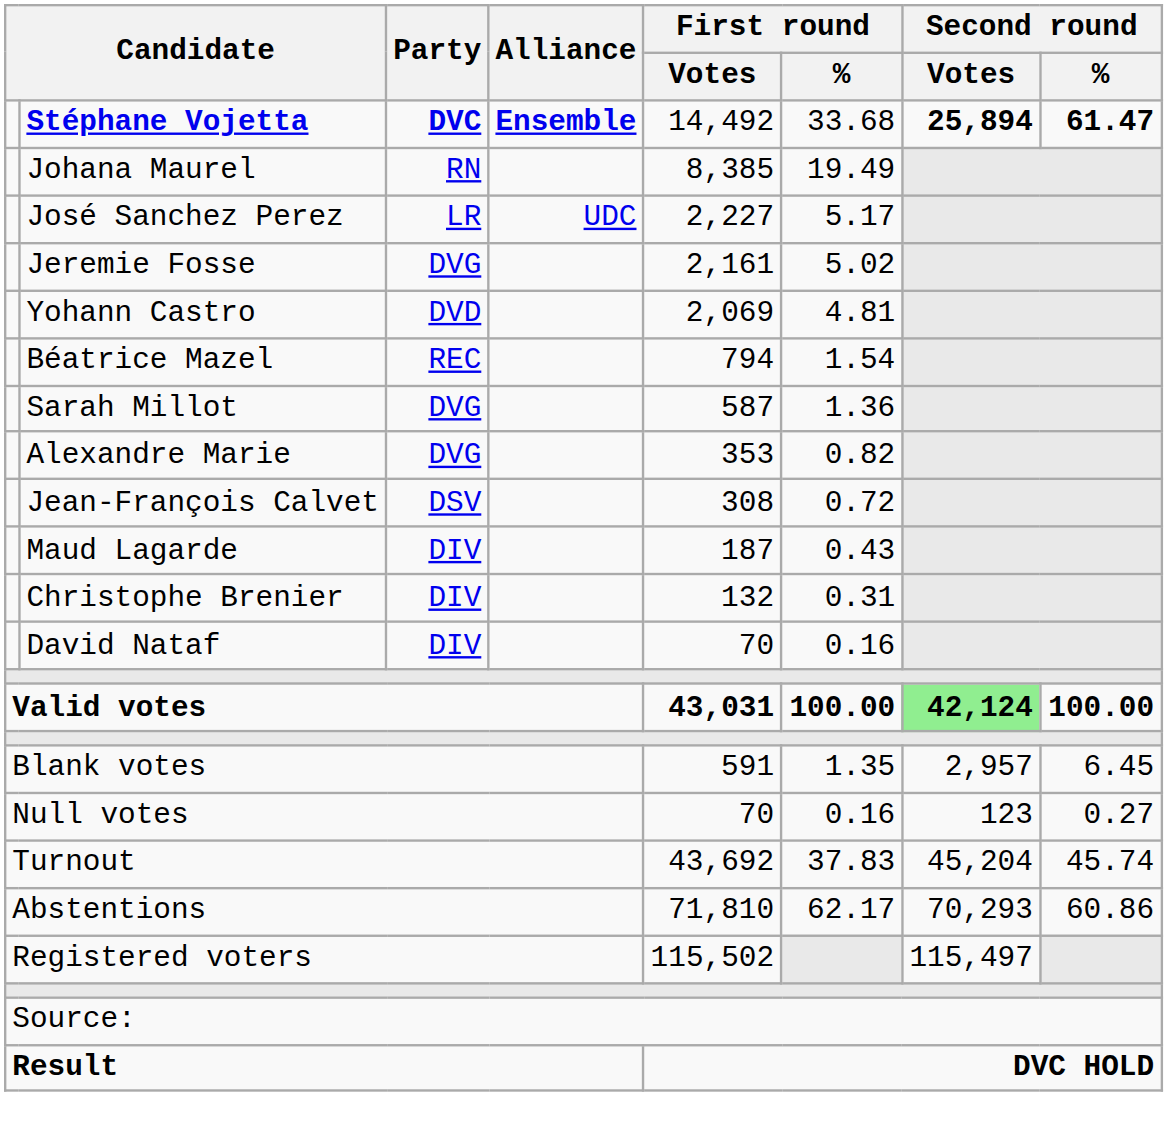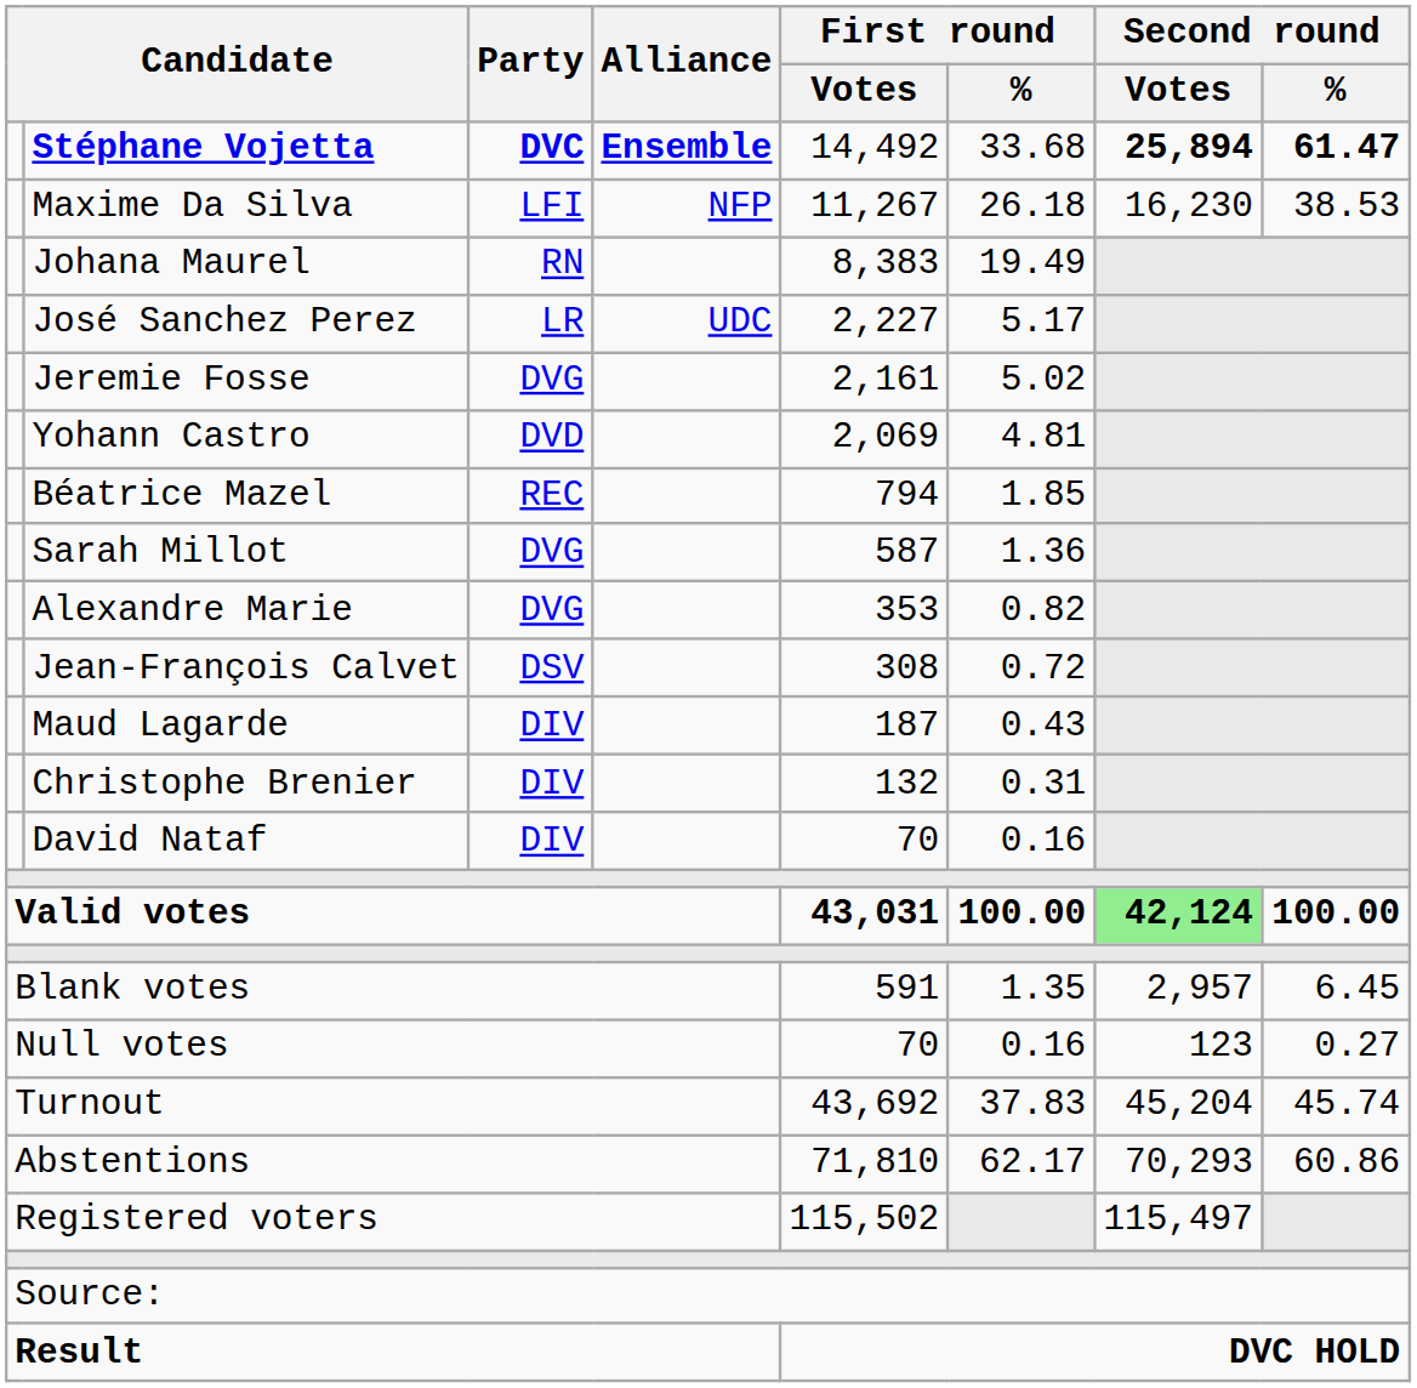 <table class="wikitable" style="text-align:right;font-size:95%;">
 <tr>
 <th colspan="2" rowspan="2">Candidate</th>
 <th colspan="1" rowspan="2">Party</th>
 <th colspan="1" rowspan="2">Alliance</th>
 <th colspan="2">First round</th>
 <th colspan="2">Second round</th>
 </tr>
 <tr>
 <th style="width:50px;">Votes</th>
 <th style="width:45px;">%</th>
 <th style="width:50px;">Votes</th>
 <th style="width:45px;">%</th>
 </tr>
 <tr>
 <td style="color:inherit;background:"></td>
 <td style="text-align:left;"><strong><a href='#'>Stéphane Vojetta</a></strong></td>
 <td><a href='#'><strong>DVC</strong></a></td>
 <td><a href='#'><strong>Ensemble</strong></a></td>
 <td>14,492</td>
 <td>33.68</td>
 <td><strong>25,894</strong></td>
 <td><strong>61.47</strong></td>
 </tr>
 <tr>
 <td style="color:inherit;background:"></td>
+<td style="text-align:left;">Maxime Da Silva</td>
+<td><a href='#'>LFI</a></td>
+<td><a href='#'>NFP</a></td>
+<td>11,267</td>
+<td>26.18</td>
+<td>16,230</td>
+<td>38.53</td>
+</tr>
+<tr>
+<td style="color:inherit;background:"></td>
 <td style="text-align:left;">Johana Maurel</td>
 <td><a href='#'>RN</a></td>
 <td></td>
-<td>8,385</td>
+<td>8,383</td>
 <td>19.49</td>
 <td colspan="2" rowspan="1" style="background:#E9E9E9;"></td>
 </tr>
 <tr>
 <td style="color:inherit;background:"></td>
 <td style="text-align:left;">José Sanchez Perez</td>
 <td><a href='#'>LR</a></td>
 <td><a href='#'>UDC</a></td>
 <td>2,227</td>
 <td>5.17</td>
 <td colspan="2" rowspan="1" style="background:#E9E9E9;"></td>
 </tr>
 <tr>
 <td style="color:inherit;background:"></td>
 <td style="text-align:left;">Jeremie Fosse</td>
 <td><a href='#'>DVG</a></td>
 <td></td>
 <td>2,161</td>
 <td>5.02</td>
 <td colspan="2" rowspan="1" style="background:#E9E9E9;"></td>
 </tr>
 <tr>
 <td style="color:inherit;background:"></td>
 <td style="text-align:left;">Yohann Castro</td>
 <td><a href='#'>DVD</a></td>
 <td></td>
 <td>2,069</td>
 <td>4.81</td>
 <td colspan="2" rowspan="1" style="background:#E9E9E9;"></td>
 </tr>
 <tr>
 <td style="color:inherit;background:"></td>
 <td style="text-align:left;">Béatrice Mazel</td>
 <td><a href='#'>REC</a></td>
 <td></td>
 <td>794</td>
-<td>1.54</td>
+<td>1.85</td>
 <td colspan="2" rowspan="1" style="background:#E9E9E9;"></td>
 </tr>
 <tr>
 <td style="color:inherit;background:"></td>
 <td style="text-align:left;">Sarah Millot</td>
 <td><a href='#'>DVG</a></td>
 <td></td>
 <td>587</td>
 <td>1.36</td>
 <td colspan="2" rowspan="1" style="background:#E9E9E9;"></td>
 </tr>
 <tr>
 <td style="color:inherit;background:"></td>
 <td style="text-align:left;">Alexandre Marie</td>
 <td><a href='#'>DVG</a></td>
 <td></td>
 <td>353</td>
 <td>0.82</td>
 <td colspan="2" rowspan="1" style="background:#E9E9E9;"></td>
 </tr>
 <tr>
 <td style="color:inherit;background:"></td>
 <td style="text-align:left;">Jean-François Calvet</td>
 <td><a href='#'>DSV</a></td>
 <td></td>
 <td>308</td>
 <td>0.72</td>
 <td colspan="2" rowspan="1" style="background:#E9E9E9;"></td>
 </tr>
 <tr>
 <td style="color:inherit;background:"></td>
 <td style="text-align:left;">Maud Lagarde</td>
 <td><a href='#'>DIV</a></td>
 <td></td>
 <td>187</td>
 <td>0.43</td>
 <td colspan="2" rowspan="1" style="background:#E9E9E9;"></td>
 </tr>
 <tr>
 <td style="color:inherit;background:"></td>
 <td style="text-align:left;">Christophe Brenier</td>
 <td><a href='#'>DIV</a></td>
 <td></td>
 <td>132</td>
 <td>0.31</td>
 <td colspan="2" style="background:#E9E9E9;"></td>
 </tr>
 <tr>
 <td style="color:inherit;background:"></td>
 <td style="text-align:left;">David Nataf</td>
 <td><a href='#'>DIV</a></td>
 <td></td>
 <td>70</td>
 <td>0.16</td>
 <td colspan="2" style="background:#E9E9E9;"></td>
 </tr>
 <tr>
 <td colspan="8" style="background:#E9E9E9;"></td>
 </tr>
 <tr style="font-weight:bold;">
 <td colspan="4" style="text-align:left;">Valid votes</td>
 <td>43,031</td>
 <td>100.00</td>
 <td style="background: lightgreen;">42,124</td>
 <td>100.00</td>
 </tr>
 <tr>
 <td colspan="8" style="background:#E9E9E9;"></td>
 </tr>
 <tr>
 <td colspan="4" style="text-align:left;">Blank votes</td>
 <td>591</td>
 <td>1.35</td>
 <td>2,957</td>
 <td>6.45</td>
 </tr>
 <tr>
 <td colspan="4" style="text-align:left;">Null votes</td>
 <td>70</td>
 <td>0.16</td>
 <td>123</td>
 <td>0.27</td>
 </tr>
 <tr>
 <td colspan="4" style="text-align:left;">Turnout</td>
 <td>43,692</td>
 <td>37.83</td>
 <td>45,204</td>
 <td>45.74</td>
 </tr>
 <tr>
 <td colspan="4" style="text-align:left;">Abstentions</td>
 <td>71,810</td>
 <td>62.17</td>
 <td>70,293</td>
 <td>60.86</td>
 </tr>
 <tr>
 <td colspan="4" style="text-align:left;">Registered voters</td>
 <td>115,502</td>
 <td style="background:#E9E9E9;"></td>
 <td>115,497</td>
 <td style="background:#E9E9E9;"></td>
 </tr>
 <tr>
 <td colspan="8" style="background:#E9E9E9;"></td>
 </tr>
 <tr>
 <td colspan="8" style="text-align:left;">Source: </td>
 </tr>
 <tr style="font-weight:bold">
 <td colspan="4" style="text-align:left;">Result</td>
 <td colspan="4" style="background-color:"><strong>DVC HOLD</strong></td>
 </tr>
 </table>
